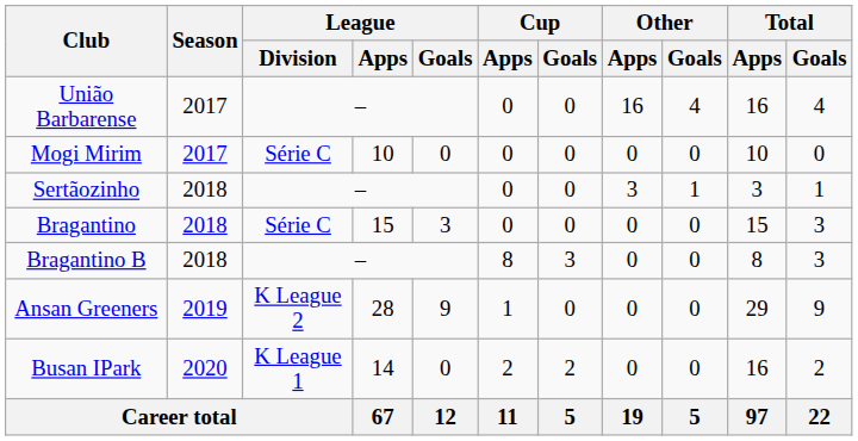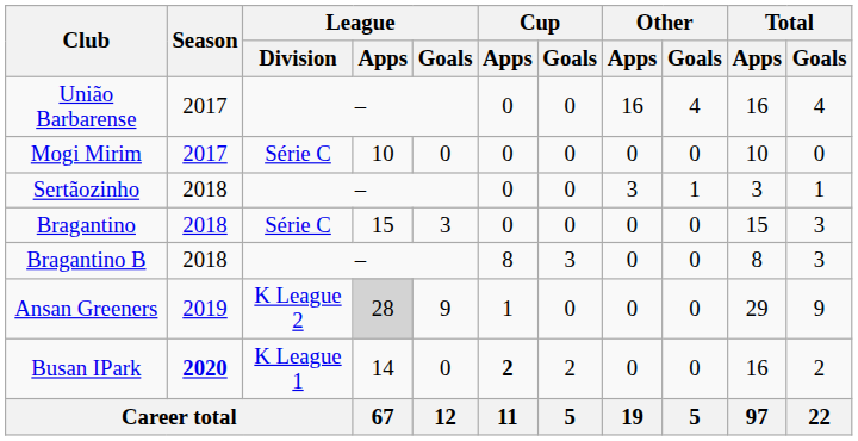 <table class="wikitable" style="text-align: center">
 <tr>
 <th rowspan="2">Club</th>
 <th rowspan="2">Season</th>
 <th colspan="3">League</th>
 <th colspan="2">Cup</th>
 <th colspan="2">Other</th>
 <th colspan="2">Total</th>
 </tr>
 <tr>
 <th>Division</th>
 <th>Apps</th>
 <th>Goals</th>
 <th>Apps</th>
 <th>Goals</th>
 <th>Apps</th>
 <th>Goals</th>
 <th>Apps</th>
 <th>Goals</th>
 </tr>
 <tr>
 <td><a href='#'>União Barbarense</a></td>
 <td>2017</td>
 <td colspan="3">–</td>
 <td>0</td>
 <td>0</td>
 <td>16</td>
 <td>4</td>
 <td>16</td>
 <td>4</td>
 </tr>
 <tr>
 <td><a href='#'>Mogi Mirim</a></td>
 <td><a href='#'>2017</a></td>
 <td><a href='#'>Série C</a></td>
 <td>10</td>
 <td>0</td>
 <td>0</td>
 <td>0</td>
 <td>0</td>
 <td>0</td>
 <td>10</td>
 <td>0</td>
 </tr>
 <tr>
 <td><a href='#'>Sertãozinho</a></td>
 <td>2018</td>
 <td colspan="3">–</td>
 <td>0</td>
 <td>0</td>
 <td>3</td>
 <td>1</td>
 <td>3</td>
 <td>1</td>
 </tr>
 <tr>
 <td><a href='#'>Bragantino</a></td>
 <td><a href='#'>2018</a></td>
 <td><a href='#'>Série C</a></td>
 <td>15</td>
 <td>3</td>
 <td>0</td>
 <td>0</td>
 <td>0</td>
 <td>0</td>
 <td>15</td>
 <td>3</td>
 </tr>
 <tr>
 <td><a href='#'>Bragantino B</a></td>
 <td>2018</td>
 <td colspan="3">–</td>
 <td>8</td>
 <td>3</td>
 <td>0</td>
 <td>0</td>
 <td>8</td>
 <td>3</td>
 </tr>
 <tr>
 <td><a href='#'>Ansan Greeners</a></td>
 <td><a href='#'>2019</a></td>
 <td><a href='#'>K League 2</a></td>
-<td>28</td>
+<td style="background: lightgrey;">28</td>
 <td>9</td>
 <td>1</td>
 <td>0</td>
 <td>0</td>
 <td>0</td>
 <td>29</td>
 <td>9</td>
 </tr>
 <tr>
 <td><a href='#'>Busan IPark</a></td>
-<td><a href='#'>2020</a></td>
+<td><strong><a href='#'>2020</a></strong></td>
 <td><a href='#'>K League 1</a></td>
 <td>14</td>
 <td>0</td>
-<td>2</td>
+<td><strong>2</strong></td>
 <td>2</td>
 <td>0</td>
 <td>0</td>
 <td>16</td>
 <td>2</td>
 </tr>
 <tr>
 <th colspan="3"><strong>Career total</strong></th>
 <th>67</th>
 <th>12</th>
 <th>11</th>
 <th>5</th>
 <th>19</th>
 <th>5</th>
 <th>97</th>
 <th>22</th>
 </tr>
 </table>
